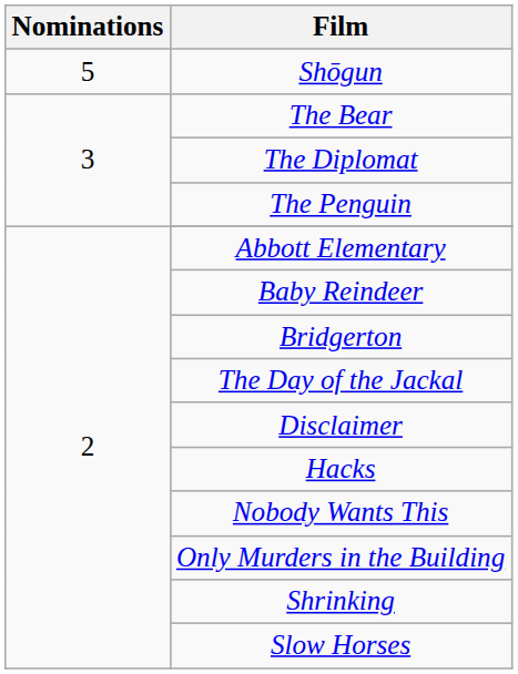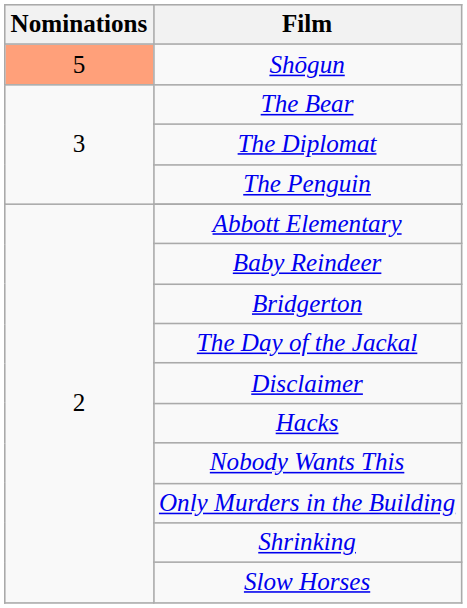 <table class="wikitable plainrowheaders" style="text-align: center">
 <tr>
 <th scope="col" style="width:55px;">Nominations</th>
 <th scope="col" style="text-align:center;">Film</th>
 </tr>
 <tr>
-<td scope="row" style="text-align:center" rowspan="1">5</td>
+<td scope="row" style="background: lightsalmon; text-align:center" rowspan="1">5</td>
 <td><em><a href='#'>Shōgun</a></em></td>
 </tr>
 <tr>
 <td scope="row" style="text-align:center" rowspan="3">3</td>
 <td><em><a href='#'>The Bear</a></em></td>
 </tr>
 <tr>
 <td><em><a href='#'>The Diplomat</a></em></td>
 </tr>
 <tr>
 <td><em><a href='#'>The Penguin</a></em></td>
 </tr>
 <tr>
 <td scope="row" style="text-align:center" rowspan="11">2</td>
 </tr>
 <tr>
 <td><em><a href='#'>Abbott Elementary</a></em></td>
 </tr>
 <tr>
 <td><em><a href='#'>Baby Reindeer</a></em></td>
 </tr>
 <tr>
 <td><em><a href='#'>Bridgerton</a></em></td>
 </tr>
 <tr>
 <td><em><a href='#'>The Day of the Jackal</a></em></td>
 </tr>
 <tr>
 <td><em><a href='#'>Disclaimer</a></em></td>
 </tr>
 <tr>
 <td><em><a href='#'>Hacks</a></em></td>
 </tr>
 <tr>
 <td><em><a href='#'>Nobody Wants This</a></em></td>
 </tr>
 <tr>
 <td><em><a href='#'>Only Murders in the Building</a></em></td>
 </tr>
 <tr>
 <td><em><a href='#'>Shrinking</a></em></td>
 </tr>
 <tr>
 <td><em><a href='#'>Slow Horses</a></em></td>
 </tr>
 </table>
